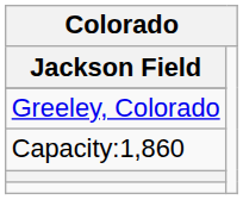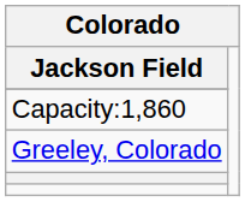 <table class="wikitable" style="text-align:left">
 <tr>
 <th colspan="3">Colorado</th>
 </tr>
 <tr>
 <th>Jackson Field</th>
 <td rowspan=10><br></td>
 </tr>
 <tr>
 </tr>
 <tr>
-<td><a href='#'>Greeley, Colorado</a></td>
+<td>Capacity:1,860</td>
 </tr>
 <tr>
-<td>Capacity:1,860</td>
+<td><a href='#'>Greeley, Colorado</a></td>
 </tr>
 <tr>
 <th></th>
 </tr>
 <tr>
 <td colspan="1"></td>
 </tr>
 </table>
